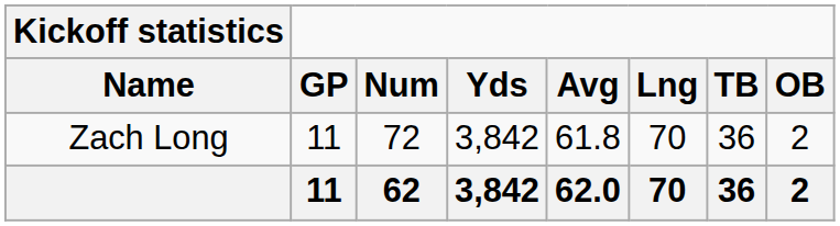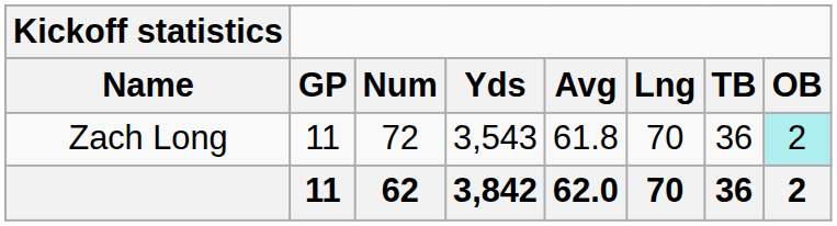 <table class="wikitable sortable" style="text-align:center;">
 <tr>
 <th style="text-align:center; ">Kickoff statistics</th>
 </tr>
 <tr>
 <th>Name</th>
 <th>GP</th>
 <th>Num</th>
 <th>Yds</th>
 <th>Avg</th>
 <th>Lng</th>
 <th>TB</th>
 <th>OB</th>
 </tr>
 <tr>
 <td>Zach Long</td>
 <td>11</td>
 <td>72</td>
-<td>3,842</td>
+<td>3,543</td>
 <td>61.8</td>
 <td>70</td>
 <td>36</td>
-<td>2</td>
+<td style="background: paleturquoise;">2</td>
 </tr>
 <tr>
 <th colspan="1"></th>
 <th>11</th>
 <th>62</th>
 <th>3,842</th>
 <th>62.0</th>
 <th>70</th>
 <th>36</th>
 <th>2</th>
 </tr>
 </table>
